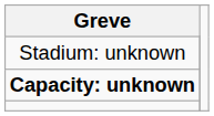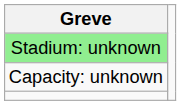 <table class="wikitable" style="text-align:center">
 <tr>
 <th colspan="2">Greve</th>
 <td rowspan=4></td>
 </tr>
 <tr>
-<td>Stadium: unknown</td>
+<td style="background: lightgreen;">Stadium: unknown</td>
 </tr>
 <tr>
-<td><strong>Capacity: unknown</strong></td>
+<td>Capacity: unknown</td>
 </tr>
 <tr>
 <td></td>
 </tr>
 </table>
